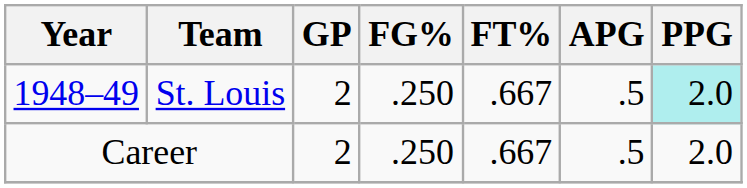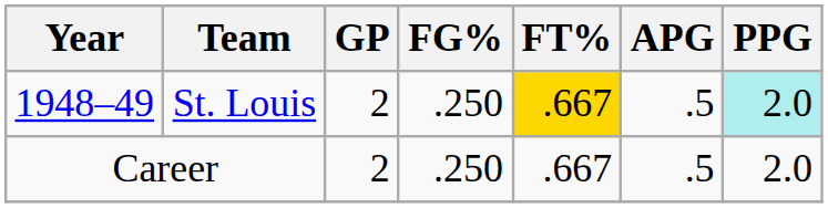 <table class="wikitable sortable" style="font-size:95%; text-align:right;">
 <tr>
 <th>Year</th>
 <th>Team</th>
 <th>GP</th>
 <th>FG%</th>
 <th>FT%</th>
 <th>APG</th>
 <th>PPG</th>
 </tr>
 <tr>
 <td style="text-align:left;"><a href='#'>1948–49</a></td>
 <td style="text-align:left;"><a href='#'>St. Louis</a></td>
 <td>2</td>
 <td>.250</td>
-<td>.667</td>
+<td style="background: gold;">.667</td>
 <td>.5</td>
 <td style="background: paleturquoise;">2.0</td>
 </tr>
 <tr>
 <td style="text-align:center;" colspan="2">Career</td>
 <td>2</td>
 <td>.250</td>
 <td>.667</td>
 <td>.5</td>
 <td>2.0</td>
 </tr>
 <tr>
 </tr>
 </table>
